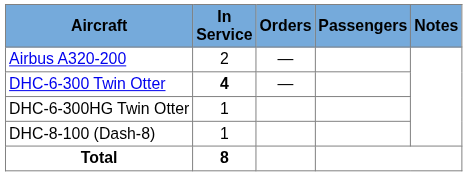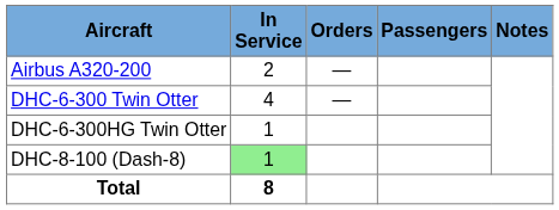 <table class="toccolours" border="1" cellpadding="3" style="margin:1em auto; border-collapse:collapse">
 <tr bgcolor=#75aadb>
 <th>Aircraft</th>
 <th>In<br>Service</th>
 <th>Orders</th>
 <th>Passengers</th>
 <th>Notes</th>
 </tr>
 <tr>
 <td><a href='#'>Airbus A320-200</a></td>
 <td align="center">2</td>
 <td align="center">—</td>
 <td align="center"></td>
 </tr>
 <tr>
 <td><a href='#'>DHC-6-300 Twin Otter</a></td>
-<td align="center"><strong>4</strong></td>
+<td align="center">4</td>
 <td align="center">—</td>
 <td align="center"></td>
 </tr>
 <tr>
 <td>DHC-6-300HG Twin Otter</td>
 <td align="center">1</td>
 <td></td>
 <td></td>
 </tr>
 <tr>
 <td>DHC-8-100 (Dash-8)</td>
-<td align="center">1</td>
+<td align="center" style="background: lightgreen;">1</td>
 <td></td>
 <td></td>
 </tr>
 <tr>
 <th>Total</th>
 <th>8</th>
 <th></th>
 <th colspan="2"></th>
 </tr>
 </table>
